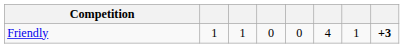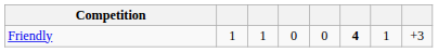 <table class="wikitable" style="text-align: center;">
 <tr>
 <th width=250>Competition</th>
 <th width=30></th>
 <th width=30></th>
 <th width=30></th>
 <th width=30></th>
 <th width=30></th>
 <th width=30></th>
 <th width=30></th>
 </tr>
 <tr>
 <td align=left><a href='#'>Friendly</a></td>
 <td>1</td>
 <td>1</td>
 <td>0</td>
 <td>0</td>
-<td>4</td>
+<td><strong>4</strong></td>
 <td>1</td>
-<td><strong>+3</strong></td>
+<td>+3</td>
 </tr>
 </table>
